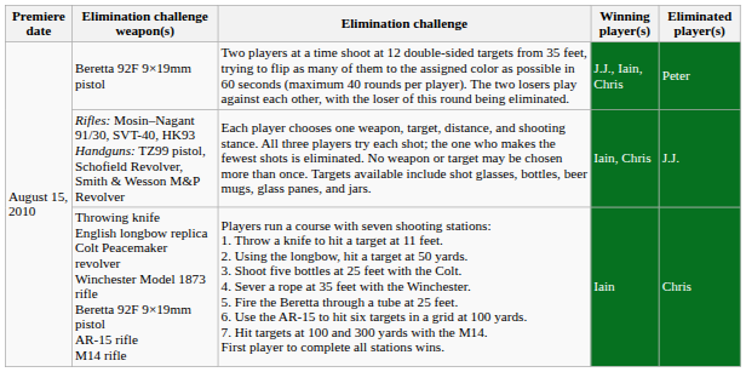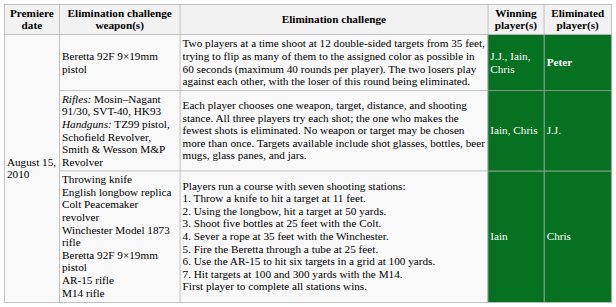 <table class="wikitable">
 <tr>
 <th>Premiere date</th>
 <th>Elimination challenge weapon(s)</th>
 <th>Elimination challenge</th>
 <th>Winning player(s)</th>
 <th>Eliminated player(s)</th>
 </tr>
 <tr>
 <td rowspan="3">August 15, 2010</td>
 <td>Beretta 92F 9×19mm pistol</td>
 <td>Two players at a time shoot at 12 double-sided targets from 35 feet, trying to flip as many of them to the assigned color as possible in 60 seconds (maximum 40 rounds per player). The two losers play against each other, with the loser of this round being eliminated.</td>
 <td style="background:#067120; color:white;">J.J., Iain, Chris</td>
-<td style="background:#067120; color:white;">Peter</td>
+<td style="background:#067120; color:white;"><strong>Peter</strong></td>
 </tr>
 <tr>
 <td><em>Rifles:</em> Mosin–Nagant 91/30, SVT-40, HK93<br><em>Handguns:</em> TZ99 pistol, Schofield Revolver, Smith & Wesson M&P Revolver</td>
 <td>Each player chooses one weapon, target, distance, and shooting stance. All three players try each shot; the one who makes the fewest shots is eliminated. No weapon or target may be chosen more than once. Targets available include shot glasses, bottles, beer mugs, glass panes, and jars.</td>
 <td style="background:#067120; color:white;">Iain, Chris</td>
 <td style="background:#067120; color:white;">J.J.</td>
 </tr>
 <tr>
 <td>Throwing knife<br>English longbow replica<br>Colt Peacemaker revolver<br>Winchester Model 1873 rifle<br>Beretta 92F 9×19mm pistol<br>AR-15 rifle<br>M14 rifle</td>
 <td>Players run a course with seven shooting stations:<br>1. Throw a knife to hit a target at 11 feet.<br>2. Using the longbow, hit a target at 50 yards.<br>3. Shoot five bottles at 25 feet with the Colt.<br>4. Sever a rope at 35 feet with the Winchester.<br>5. Fire the Beretta through a  tube at 25 feet.<br>6. Use the AR-15 to hit six targets in a grid at 100 yards.<br>7. Hit targets at 100 and 300 yards with the M14.<br>First player to complete all stations wins.</td>
 <td style="background:#067120; color:white;">Iain</td>
 <td style="background:#067120; color:white;">Chris</td>
 </tr>
 </table>
